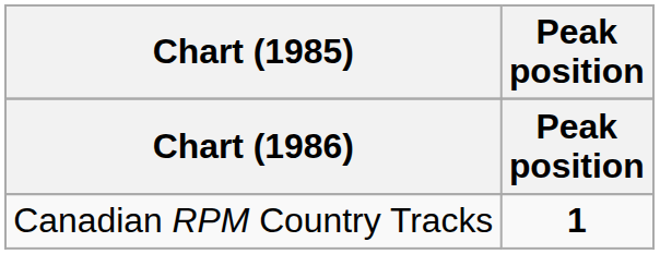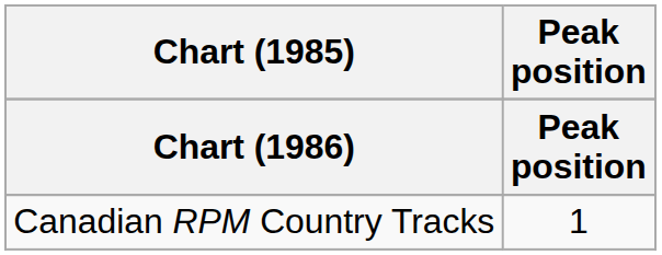 <table class="wikitable sortable">
 <tr>
 <th align="left">Chart (1985)</th>
 <th align="center">Peak<br>position</th>
 </tr>
 <tr>
 </tr>
 <tr>
 <th align="left">Chart (1986)</th>
 <th align="center">Peak<br>position</th>
 </tr>
 <tr>
 </tr>
 <tr>
 <td align="left">Canadian <em>RPM</em> Country Tracks</td>
-<td align="center"><strong>1</strong></td>
+<td align="center">1</td>
 </tr>
 </table>
